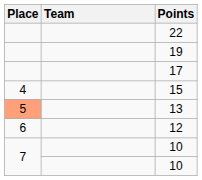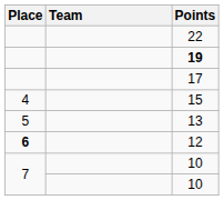 <table class="wikitable" style="text-align:center; padding-bottom:0;">
 <tr>
 <th>Place</th>
 <th style="width:9em; text-align:left;">Team</th>
 <th>Points</th>
 </tr>
 <tr>
 <td></td>
 <td align=left></td>
 <td>22</td>
 </tr>
 <tr>
 <td></td>
 <td align=left></td>
-<td>19</td>
+<td><strong>19</strong></td>
 </tr>
 <tr>
 <td></td>
 <td align=left></td>
 <td>17</td>
 </tr>
 <tr>
 <td>4</td>
 <td align=left></td>
 <td>15</td>
 </tr>
 <tr>
-<td style="background: lightsalmon;">5</td>
+<td>5</td>
 <td align=left></td>
 <td>13</td>
 </tr>
 <tr>
-<td>6</td>
+<td><strong>6</strong></td>
 <td align=left></td>
 <td>12</td>
 </tr>
 <tr>
 <td rowspan=2>7</td>
 <td align=left></td>
 <td>10</td>
 </tr>
 <tr>
 <td align=left></td>
 <td>10</td>
 </tr>
 </table>
